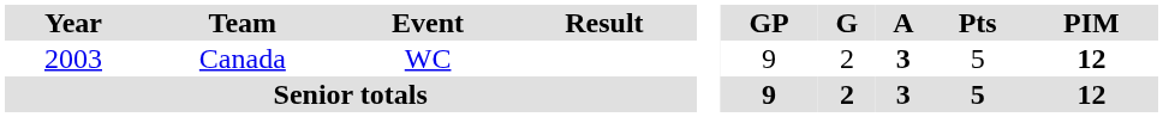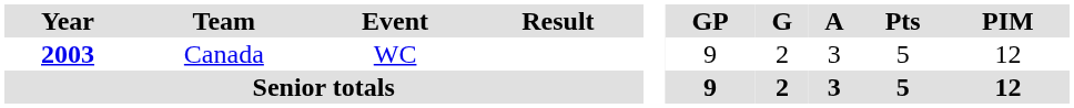 <table border="0" cellpadding="1" cellspacing="0" style="text-align:center; width:40em">
 <tr ALIGN="center" bgcolor="#e0e0e0">
 <th>Year</th>
 <th>Team</th>
 <th>Event</th>
 <th>Result</th>
 <th rowspan="99" bgcolor="#ffffff"> </th>
 <th>GP</th>
 <th>G</th>
 <th>A</th>
 <th>Pts</th>
 <th>PIM</th>
 </tr>
 <tr>
-<td><a href='#'>2003</a></td>
+<td><strong><a href='#'>2003</a></strong></td>
 <td><a href='#'>Canada</a></td>
 <td><a href='#'>WC</a></td>
 <td></td>
 <td>9</td>
 <td>2</td>
-<td><strong>3</strong></td>
+<td>3</td>
 <td>5</td>
-<td><strong>12</strong></td>
+<td>12</td>
 </tr>
 <tr bgcolor="#e0e0e0">
 <th colspan="4">Senior totals</th>
 <th>9</th>
 <th>2</th>
 <th>3</th>
 <th>5</th>
 <th>12</th>
 </tr>
 </table>
